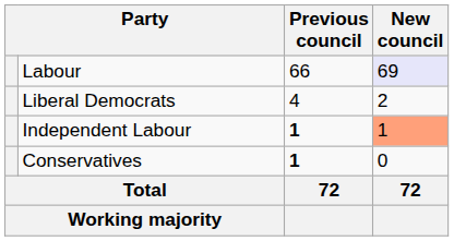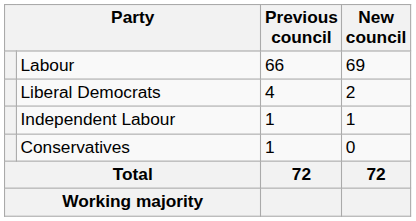 <table class="wikitable">
 <tr>
 <th valign=top colspan="2" style="width: 230px">Party</th>
 <th valign=top style="width: 30px">Previous council</th>
 <th valign=top style="width: 30px">New council</th>
 </tr>
 <tr>
 <th style="background-color: "></th>
 <td>Labour</td>
 <td>66</td>
-<td style="background: lavender;">69</td>
+<td>69</td>
 </tr>
 <tr>
 <th style="background-color: "></th>
 <td>Liberal Democrats</td>
 <td>4</td>
 <td>2</td>
 </tr>
 <tr>
 <th style="background-color: "></th>
 <td>Independent Labour</td>
-<td><strong>1</strong></td>
-<td style="background: lightsalmon;">1</td>
+<td>1</td>
+<td>1</td>
 </tr>
 <tr>
 <th style="background-color: "></th>
 <td>Conservatives</td>
-<td><strong>1</strong></td>
+<td>1</td>
 <td>0</td>
 </tr>
 <tr>
 <th colspan=2>Total</th>
 <th style="text-align: center">72</th>
 <th colspan=3>72</th>
 </tr>
 <tr>
 <th colspan=2>Working majority</th>
 <th></th>
 <th></th>
 </tr>
 </table>
